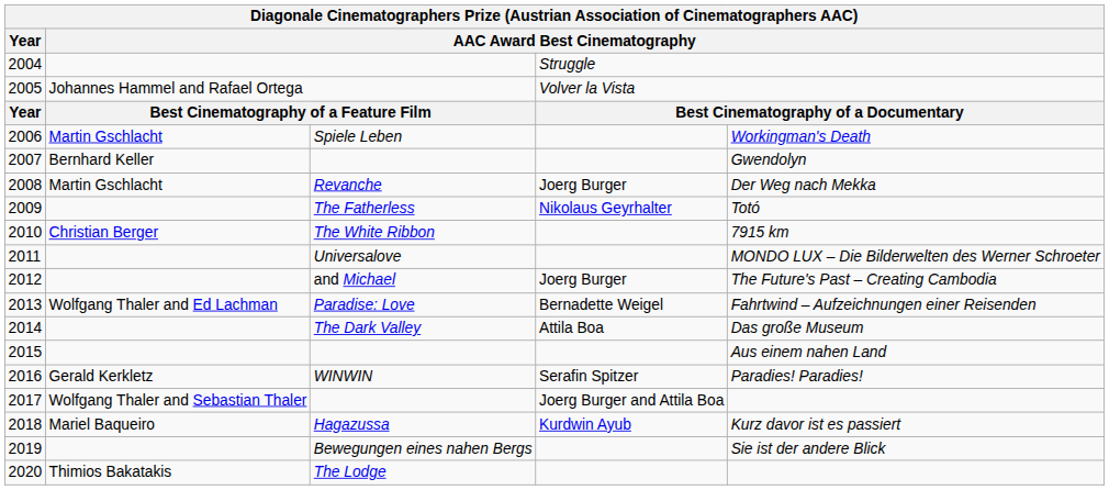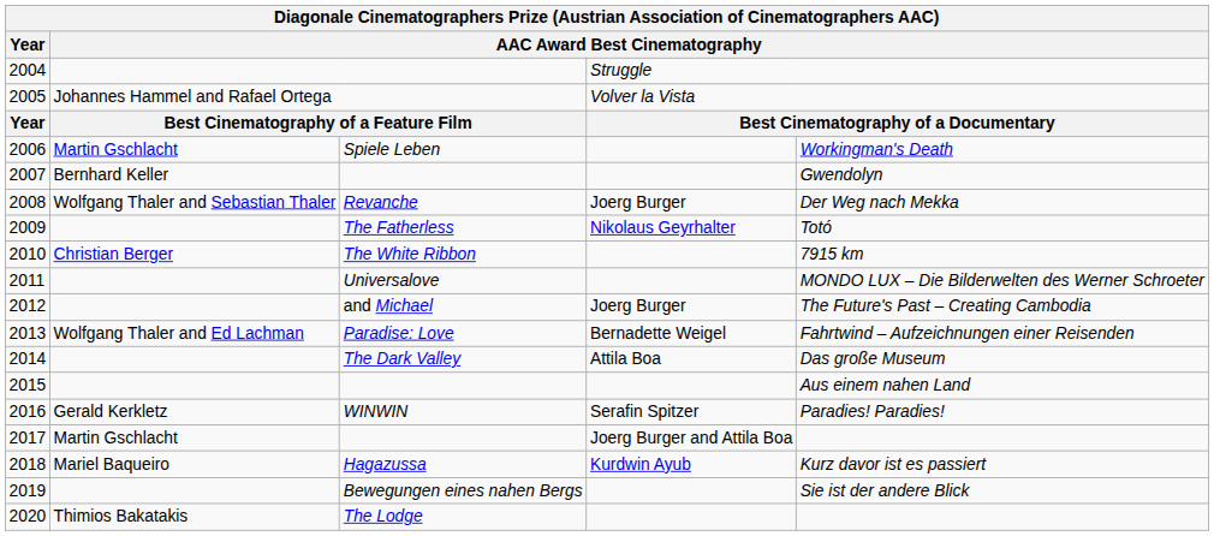 <table class="wikitable">
 <tr>
 <th colspan="5">Diagonale Cinematographers Prize (Austrian Association of Cinematographers AAC)</th>
 </tr>
 <tr class="hintergrundfarbe6" align="center">
 <th>Year</th>
 <th colspan="4">AAC Award Best Cinematography</th>
 </tr>
 <tr>
 <td>2004</td>
 <td colspan="2"></td>
 <td colspan="2"><em>Struggle</em></td>
 </tr>
 <tr>
 <td>2005</td>
 <td colspan="2">Johannes Hammel and Rafael Ortega</td>
 <td colspan="2"><em>Volver la Vista</em></td>
 </tr>
 <tr class="hintergrundfarbe6" align="center">
 <th>Year</th>
 <th colspan="2" width="300">Best Cinematography of a Feature Film</th>
 <th colspan="2" width="300">Best Cinematography of a Documentary</th>
 </tr>
 <tr>
 <td>2006</td>
 <td><a href='#'>Martin Gschlacht</a></td>
 <td><em>Spiele Leben</em></td>
 <td></td>
 <td><em><a href='#'>Workingman's Death</a></em></td>
 </tr>
 <tr>
 <td>2007</td>
 <td>Bernhard Keller</td>
 <td></td>
 <td></td>
 <td><em>Gwendolyn</em></td>
 </tr>
 <tr>
 <td>2008</td>
-<td>Martin Gschlacht</td>
+<td>Wolfgang Thaler and <a href='#'>Sebastian Thaler</a></td>
 <td><em><a href='#'>Revanche</a></em></td>
 <td>Joerg Burger</td>
 <td><em>Der Weg nach Mekka</em></td>
 </tr>
 <tr>
 <td>2009</td>
 <td></td>
 <td><em><a href='#'>The Fatherless</a></em></td>
 <td><a href='#'>Nikolaus Geyrhalter</a></td>
 <td><em>Totó</em></td>
 </tr>
 <tr>
 <td>2010</td>
 <td><a href='#'>Christian Berger</a></td>
 <td><em><a href='#'>The White Ribbon</a></em></td>
 <td></td>
 <td><em>7915 km</em></td>
 </tr>
 <tr>
 <td>2011</td>
 <td></td>
 <td><em>Universalove</em></td>
 <td></td>
 <td><em>MONDO LUX – Die Bilderwelten des Werner Schroeter</em></td>
 </tr>
 <tr>
 <td>2012</td>
 <td></td>
 <td> and <em><a href='#'>Michael</a></em></td>
 <td>Joerg Burger</td>
 <td><em>The Future's Past – Creating Cambodia</em></td>
 </tr>
 <tr>
 <td>2013</td>
 <td>Wolfgang Thaler and <a href='#'>Ed Lachman</a></td>
 <td><em><a href='#'>Paradise: Love</a></em></td>
 <td>Bernadette Weigel</td>
 <td><em>Fahrtwind – Aufzeichnungen einer Reisenden</em></td>
 </tr>
 <tr>
 <td>2014</td>
 <td></td>
 <td><em><a href='#'>The Dark Valley</a></em></td>
 <td>Attila Boa</td>
 <td><em>Das große Museum</em></td>
 </tr>
 <tr>
 <td>2015</td>
 <td></td>
 <td></td>
 <td></td>
 <td><em>Aus einem nahen Land</em></td>
 </tr>
 <tr>
 <td>2016</td>
 <td>Gerald Kerkletz</td>
 <td><em>WINWIN</em></td>
 <td>Serafin Spitzer</td>
 <td><em>Paradies! Paradies!</em></td>
 </tr>
 <tr>
 <td>2017</td>
-<td>Wolfgang Thaler and <a href='#'>Sebastian Thaler</a></td>
+<td>Martin Gschlacht</td>
 <td></td>
 <td>Joerg Burger and Attila Boa</td>
 <td></td>
 </tr>
 <tr>
 <td>2018</td>
 <td>Mariel Baqueiro</td>
 <td><em><a href='#'>Hagazussa</a></em></td>
 <td><a href='#'>Kurdwin Ayub</a></td>
 <td><em>Kurz davor ist es passiert</em></td>
 </tr>
 <tr>
 <td>2019</td>
 <td></td>
 <td><em>Bewegungen eines nahen Bergs</em></td>
 <td></td>
 <td><em>Sie ist der andere Blick</em></td>
 </tr>
 <tr>
 <td>2020</td>
 <td>Thimios Bakatakis</td>
 <td><em><a href='#'>The Lodge</a></em></td>
 <td></td>
 <td></td>
 </tr>
 </table>
